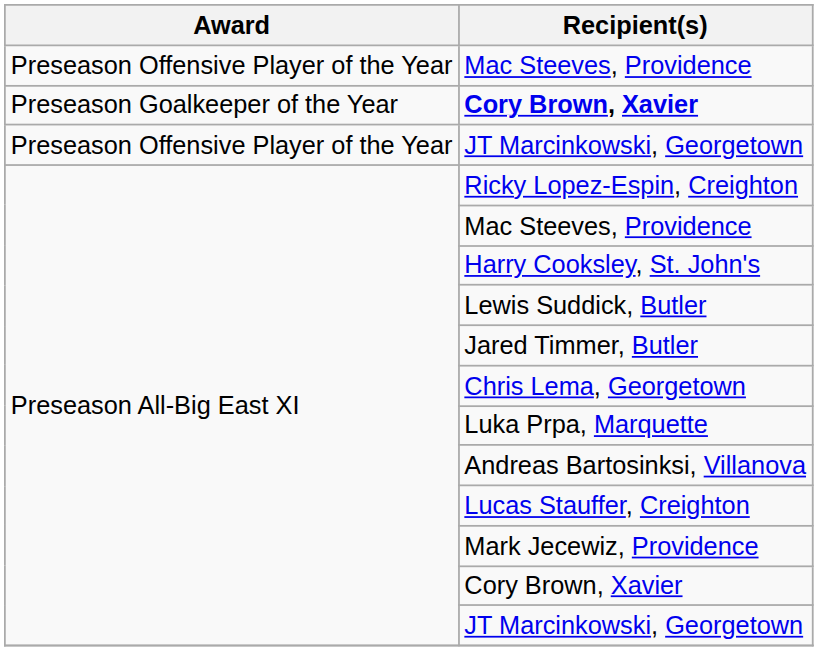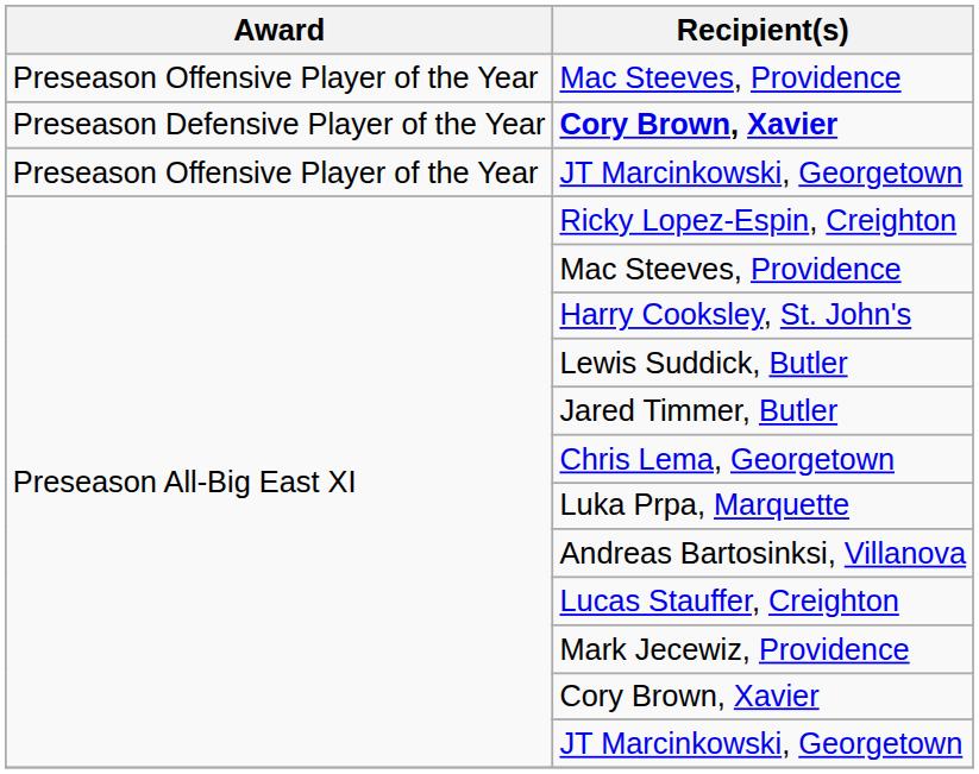 <table class="wikitable" style="white-space:nowrap; font-size:90%;">
 <tr>
 <th>Award</th>
 <th>Recipient(s)</th>
 </tr>
 <tr>
 <td>Preseason Offensive Player of the Year</td>
 <td><a href='#'>Mac Steeves</a>, <a href='#'>Providence</a></td>
 </tr>
 <tr>
-<td>Preseason Goalkeeper of the Year</td>
+<td>Preseason Defensive Player of the Year</td>
 <td><strong><a href='#'>Cory Brown</a>, <a href='#'>Xavier</a></strong></td>
 </tr>
 <tr>
 <td>Preseason Offensive Player of the Year</td>
 <td><a href='#'>JT Marcinkowski</a>, <a href='#'>Georgetown</a></td>
 </tr>
 <tr>
 <td rowspan=12 valign=middle>Preseason All-Big East XI</td>
 <td><a href='#'>Ricky Lopez-Espin</a>, <a href='#'>Creighton</a></td>
 </tr>
 <tr>
 <td>Mac Steeves, <a href='#'>Providence</a></td>
 </tr>
 <tr>
 <td><a href='#'>Harry Cooksley</a>, <a href='#'>St. John's</a></td>
 </tr>
 <tr>
 <td>Lewis Suddick, <a href='#'>Butler</a></td>
 </tr>
 <tr>
 <td>Jared Timmer, <a href='#'>Butler</a></td>
 </tr>
 <tr>
 <td><a href='#'>Chris Lema</a>, <a href='#'>Georgetown</a></td>
 </tr>
 <tr>
 <td>Luka Prpa, <a href='#'>Marquette</a></td>
 </tr>
 <tr>
 <td>Andreas Bartosinksi, <a href='#'>Villanova</a></td>
 </tr>
 <tr>
 <td><a href='#'>Lucas Stauffer</a>, <a href='#'>Creighton</a></td>
 </tr>
 <tr>
 <td>Mark Jecewiz, <a href='#'>Providence</a></td>
 </tr>
 <tr>
 <td>Cory Brown, <a href='#'>Xavier</a></td>
 </tr>
 <tr>
 <td><a href='#'>JT Marcinkowski</a>, <a href='#'>Georgetown</a></td>
 </tr>
 <tr>
 </tr>
 </table>
